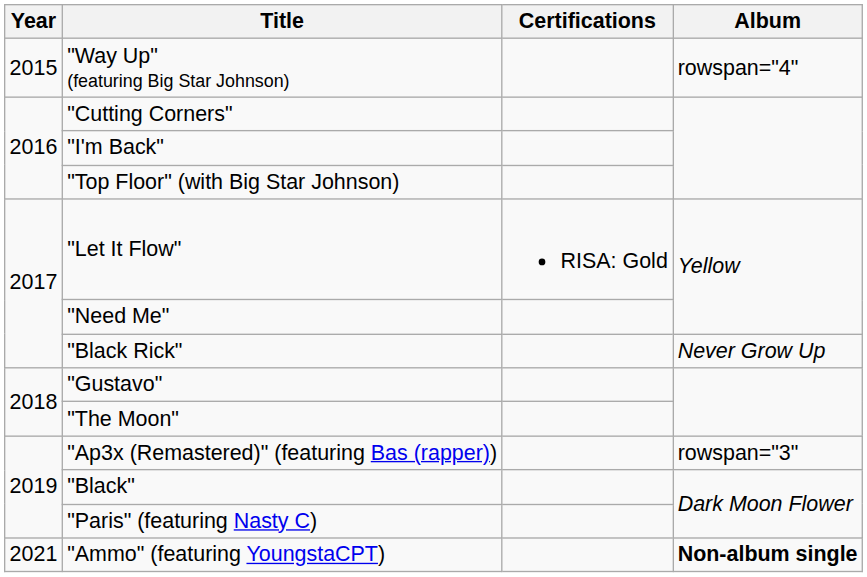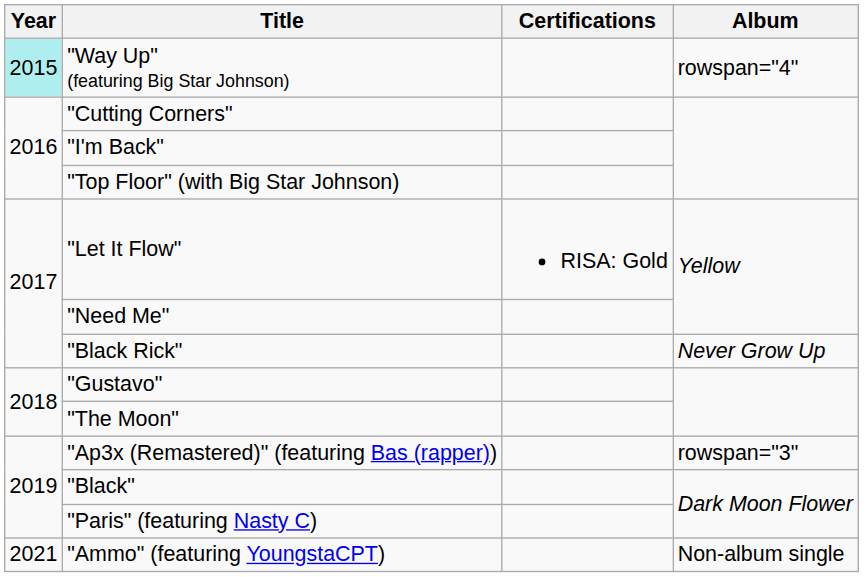 <table class="wikitable">
 <tr>
 <th>Year</th>
 <th>Title</th>
 <th>Certifications</th>
 <th>Album</th>
 </tr>
 <tr>
-<td>2015</td>
+<td style="background: paleturquoise;">2015</td>
 <td>"Way Up"<br><small>(featuring Big Star Johnson)</small></td>
 <td></td>
 <td>rowspan="4" </td>
 </tr>
 <tr>
 <td rowspan="3">2016</td>
 <td>"Cutting Corners"</td>
 <td></td>
 </tr>
 <tr>
 <td>"I'm Back"</td>
 <td></td>
 </tr>
 <tr>
 <td>"Top Floor" (with Big Star Johnson)</td>
 <td></td>
 </tr>
 <tr>
 <td rowspan="3">2017</td>
 <td>"Let It Flow"</td>
 <td><br><ul><li>RISA: Gold</li></ul></td>
 <td rowspan="2"><em>Yellow</em></td>
 </tr>
 <tr>
 <td>"Need Me"</td>
 <td></td>
 </tr>
 <tr>
 <td>"Black Rick"</td>
 <td></td>
 <td><em>Never Grow Up</em></td>
 </tr>
 <tr>
 <td rowspan="2">2018</td>
 <td>"Gustavo"</td>
 <td></td>
 </tr>
 <tr>
 <td>"The Moon"</td>
 <td></td>
 </tr>
 <tr>
 <td rowspan="3">2019</td>
 <td>"Ap3x (Remastered)" (featuring <a href='#'>Bas (rapper)</a>)</td>
 <td></td>
 <td>rowspan="3" </td>
 </tr>
 <tr>
 <td>"Black"</td>
 <td></td>
 <td rowspan = 2><em>Dark Moon Flower</em></td>
 </tr>
 <tr>
 <td>"Paris" (featuring <a href='#'>Nasty C</a>)</td>
 <td></td>
 </tr>
 <tr>
 <td rowspan ="3">2021</td>
 <td>"Ammo" (featuring <a href='#'>YoungstaCPT</a>)</td>
 <td></td>
-<td><strong>Non-album single</strong></td>
+<td>Non-album single</td>
 </tr>
 </table>
